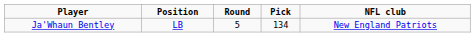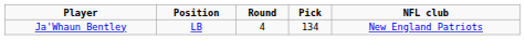 <table class="wikitable" width="80%">
 <tr align="center">
 <td><strong>Player</strong></td>
 <td><strong>Position</strong></td>
 <td><strong>Round</strong></td>
 <td><strong>Pick</strong></td>
 <td><strong>NFL club</strong></td>
 </tr>
 <tr align="center" bgcolor="">
 <td><a href='#'>Ja'Whaun Bentley</a></td>
 <td><a href='#'>LB</a></td>
-<td>5</td>
+<td>4</td>
 <td>134</td>
 <td><a href='#'>New England Patriots</a></td>
 </tr>
 </table>
